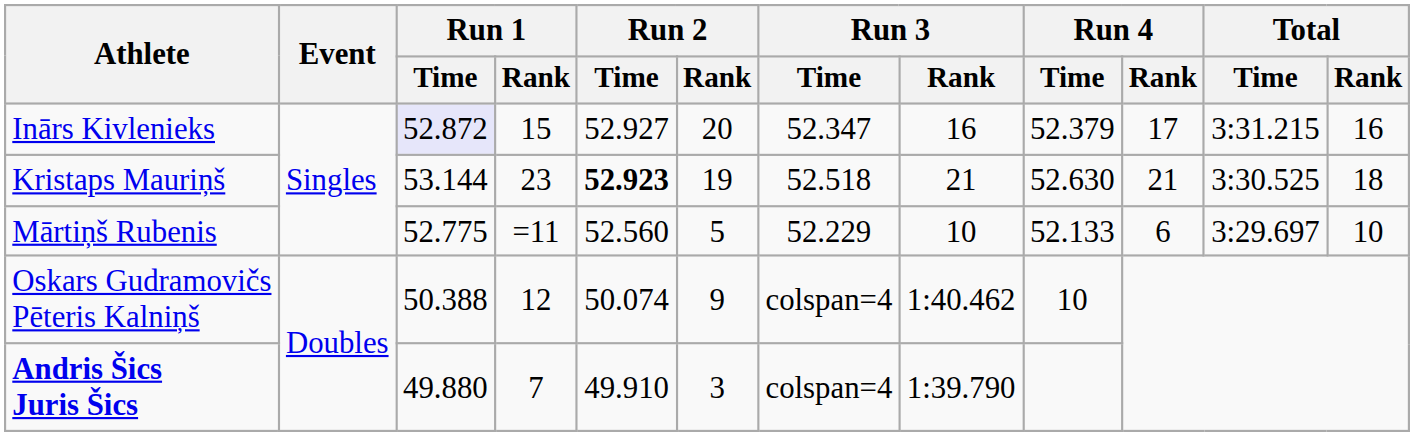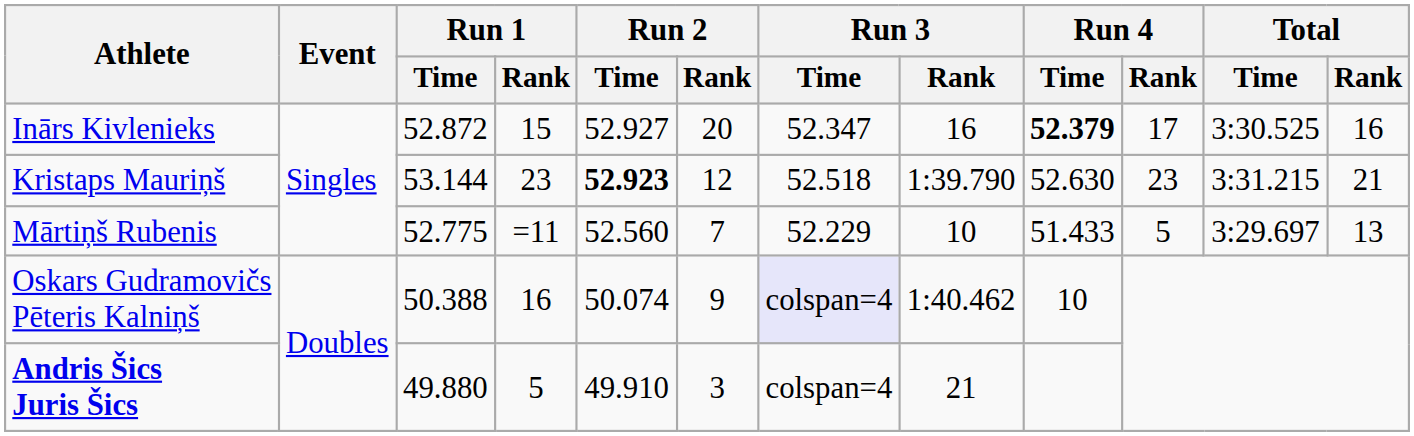 <table class="wikitable" style="font-size:90%">
 <tr>
 <th rowspan="2">Athlete</th>
 <th rowspan="2">Event</th>
 <th colspan=2>Run 1</th>
 <th colspan=2>Run 2</th>
 <th colspan=2>Run 3</th>
 <th colspan=2>Run 4</th>
 <th colspan=2>Total</th>
 </tr>
 <tr style="font-size:95%">
 <th>Time</th>
 <th>Rank</th>
 <th>Time</th>
 <th>Rank</th>
 <th>Time</th>
 <th>Rank</th>
 <th>Time</th>
 <th>Rank</th>
 <th>Time</th>
 <th>Rank</th>
 </tr>
 <tr align=center>
 <td align=left><a href='#'>Inārs Kivlenieks</a></td>
 <td align=left rowspan=3><a href='#'>Singles</a></td>
-<td style="background: lavender;">52.872</td>
+<td>52.872</td>
 <td>15</td>
 <td>52.927</td>
 <td>20</td>
 <td>52.347</td>
 <td>16</td>
-<td>52.379</td>
+<td><strong>52.379</strong></td>
 <td>17</td>
-<td>3:31.215</td>
+<td>3:30.525</td>
 <td>16</td>
 </tr>
 <tr align=center>
 <td align=left><a href='#'>Kristaps Mauriņš</a></td>
 <td>53.144</td>
 <td>23</td>
 <td><strong>52.923</strong></td>
-<td>19</td>
+<td>12</td>
 <td>52.518</td>
+<td>1:39.790</td>
+<td>52.630</td>
+<td>23</td>
+<td>3:31.215</td>
 <td>21</td>
-<td>52.630</td>
-<td>21</td>
-<td>3:30.525</td>
-<td>18</td>
 </tr>
 <tr align=center>
 <td align=left><a href='#'>Mārtiņš Rubenis</a></td>
 <td>52.775</td>
 <td>=11</td>
 <td>52.560</td>
-<td>5</td>
+<td>7</td>
 <td>52.229</td>
 <td>10</td>
-<td>52.133</td>
-<td>6</td>
+<td>51.433</td>
+<td>5</td>
 <td>3:29.697</td>
-<td>10</td>
+<td>13</td>
 </tr>
 <tr align=center>
 <td align=left><a href='#'>Oskars Gudramovičs</a><br><a href='#'>Pēteris Kalniņš</a></td>
 <td align=left rowspan=2><a href='#'>Doubles</a></td>
 <td>50.388</td>
-<td>12</td>
+<td>16</td>
 <td>50.074</td>
 <td>9</td>
-<td>colspan=4 </td>
+<td style="background: lavender;">colspan=4 </td>
 <td>1:40.462</td>
 <td>10</td>
 </tr>
 <tr align=center>
 <td align=left><strong><a href='#'>Andris Šics</a><br><a href='#'>Juris Šics</a></strong></td>
 <td>49.880</td>
-<td>7</td>
+<td>5</td>
 <td>49.910</td>
 <td>3</td>
 <td>colspan=4 </td>
-<td>1:39.790</td>
+<td>21</td>
 <td></td>
 </tr>
 </table>
